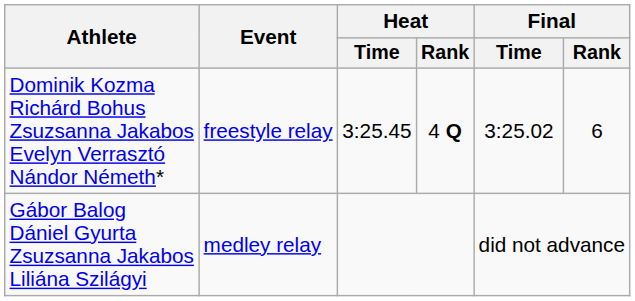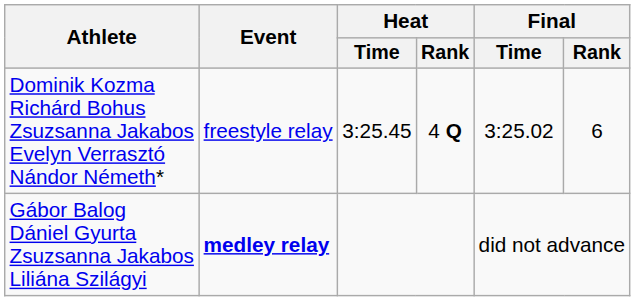 <table class=wikitable style="font-size:90%">
 <tr>
 <th rowspan="2">Athlete</th>
 <th rowspan="2">Event</th>
 <th colspan="2">Heat</th>
 <th colspan="2">Final</th>
 </tr>
 <tr style="font-size:95%">
 <th>Time</th>
 <th>Rank</th>
 <th>Time</th>
 <th>Rank</th>
 </tr>
 <tr align=center>
 <td align=left><a href='#'>Dominik Kozma</a><br><a href='#'>Richárd Bohus</a><br><a href='#'>Zsuzsanna Jakabos</a><br><a href='#'>Evelyn Verrasztó</a><br><a href='#'>Nándor Németh</a>*</td>
 <td align=left><a href='#'> freestyle relay</a></td>
 <td>3:25.45</td>
 <td>4 <strong>Q</strong></td>
 <td>3:25.02</td>
 <td>6</td>
 </tr>
 <tr align=center>
 <td align=left><a href='#'>Gábor Balog</a><br><a href='#'>Dániel Gyurta</a><br><a href='#'>Zsuzsanna Jakabos</a><br><a href='#'>Liliána Szilágyi</a></td>
-<td align=left><a href='#'> medley relay</a></td>
+<td align=left><strong><a href='#'> medley relay</a></strong></td>
 <td colspan=2></td>
 <td colspan=2>did not advance</td>
 </tr>
 </table>
